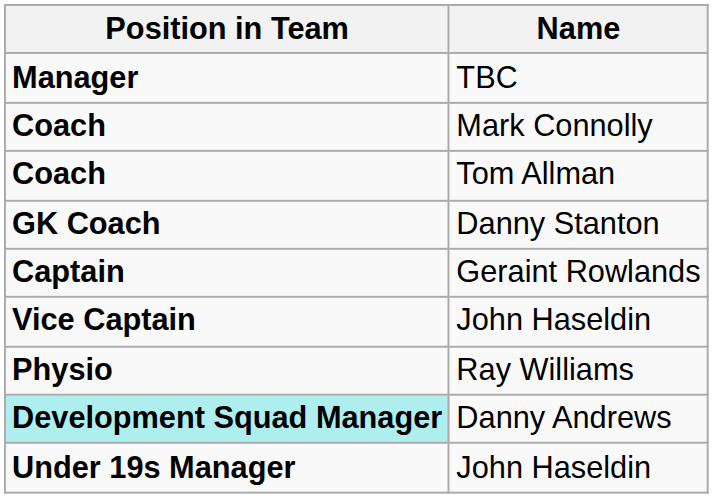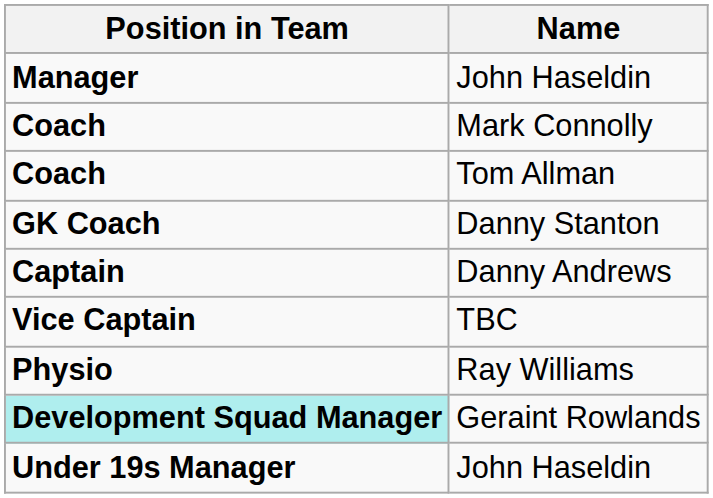 <table class="wikitable" style="text-align: left">
 <tr>
 <th>Position in Team</th>
 <th>Name</th>
 </tr>
 <tr>
 <td><strong>Manager</strong></td>
-<td> TBC</td>
+<td> John Haseldin</td>
 </tr>
 <tr>
 <td><strong>Coach</strong></td>
 <td> Mark Connolly</td>
 </tr>
 <tr>
 <td><strong>Coach</strong></td>
 <td> Tom Allman</td>
 </tr>
 <tr>
 <td><strong>GK Coach</strong></td>
 <td> Danny Stanton</td>
 </tr>
 <tr>
 <td><strong>Captain</strong></td>
-<td> Geraint Rowlands</td>
+<td> Danny Andrews</td>
 </tr>
 <tr>
 <td><strong>Vice Captain</strong></td>
-<td> John Haseldin</td>
+<td> TBC</td>
 </tr>
 <tr>
 <td><strong>Physio</strong></td>
 <td> Ray Williams</td>
 </tr>
 <tr>
 <td style="background: paleturquoise;"><strong>Development Squad Manager</strong></td>
-<td> Danny Andrews</td>
+<td> Geraint Rowlands</td>
 </tr>
 <tr>
 <td><strong>Under 19s Manager</strong></td>
 <td> John Haseldin</td>
 </tr>
 </table>
